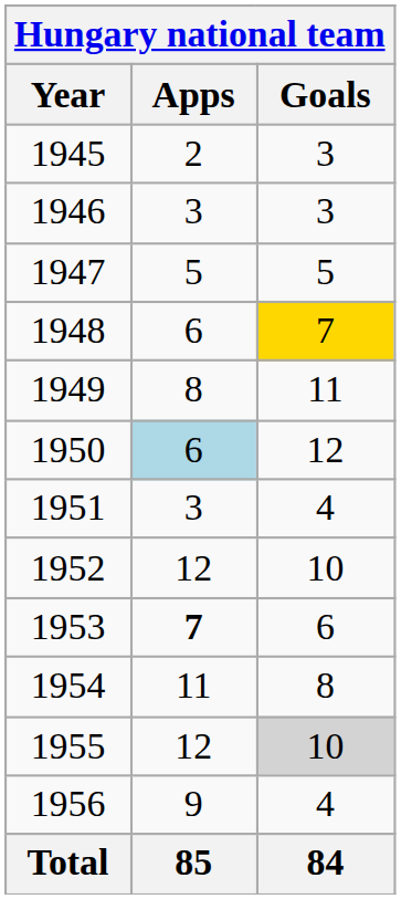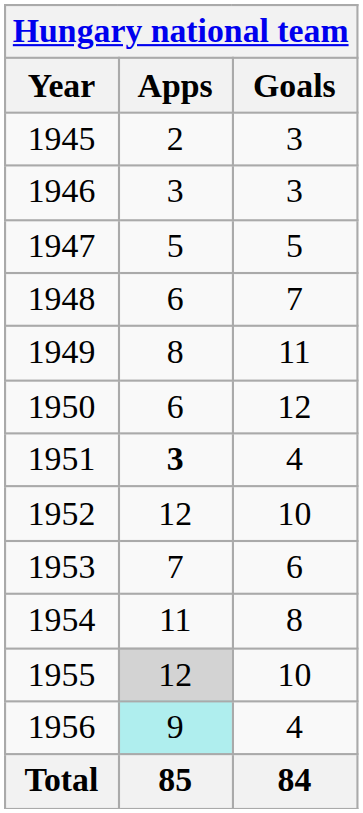 <table class="wikitable" style="text-align:center">
 <tr>
 <th colspan=3><a href='#'>Hungary national team</a></th>
 </tr>
 <tr>
 <th scope="col">Year</th>
 <th scope="col">Apps</th>
 <th scope="col">Goals</th>
 </tr>
 <tr>
 <td>1945</td>
 <td>2</td>
 <td>3</td>
 </tr>
 <tr>
 <td>1946</td>
 <td>3</td>
 <td>3</td>
 </tr>
 <tr>
 <td>1947</td>
 <td>5</td>
 <td>5</td>
 </tr>
 <tr>
 <td>1948</td>
 <td>6</td>
-<td style="background: gold;">7</td>
+<td>7</td>
 </tr>
 <tr>
 <td>1949</td>
 <td>8</td>
 <td>11</td>
 </tr>
 <tr>
 <td>1950</td>
-<td style="background: lightblue;">6</td>
+<td>6</td>
 <td>12</td>
 </tr>
 <tr>
 <td>1951</td>
-<td>3</td>
+<td><strong>3</strong></td>
 <td>4</td>
 </tr>
 <tr>
 <td>1952</td>
 <td>12</td>
 <td>10</td>
 </tr>
 <tr>
 <td>1953</td>
-<td><strong>7</strong></td>
+<td>7</td>
 <td>6</td>
 </tr>
 <tr>
 <td>1954</td>
 <td>11</td>
 <td>8</td>
 </tr>
 <tr>
 <td>1955</td>
-<td>12</td>
-<td style="background: lightgrey;">10</td>
+<td style="background: lightgrey;">12</td>
+<td>10</td>
 </tr>
 <tr>
 <td>1956</td>
-<td>9</td>
+<td style="background: paleturquoise;">9</td>
 <td>4</td>
 </tr>
 <tr>
 <th>Total</th>
 <th>85</th>
 <th>84</th>
 </tr>
 </table>
